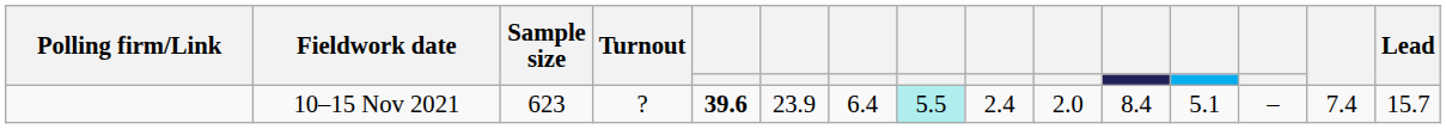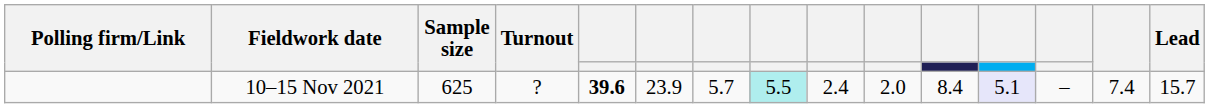 <table class="wikitable sortable mw-datatable" style="text-align:center;font-size:95%;line-height:16px;">
 <tr style="height:42px;">
 <th style="width:145px;" rowspan="2">Polling firm/Link</th>
 <th style="width:145px;" rowspan="2">Fieldwork date</th>
 <th class="unsortable" style="width:50px;" rowspan="2">Sample size</th>
 <th class="unsortable" style="width:45px;" rowspan="2">Turnout</th>
 <th class="sortable" style="width:35px;"></th>
 <th class="sortable" style="width:35px;"></th>
 <th class="sortable" style="width:35px;"></th>
 <th class="sortable" style="width:35px;"></th>
 <th class="sortable" style="width:35px;"></th>
 <th class="sortable" style="width:35px;"></th>
 <th class="sortable" style="width:35px;"></th>
 <th class="sortable" style="width:35px;"></th>
 <th class="sortable" style="width:35px;"></th>
 <th class="unsortable" style="width:35px;" rowspan="2"></th>
 <th class="unsortable" style="width:30px;" rowspan="2">Lead</th>
 </tr>
 <tr>
 <th class="sortable" style="background:"></th>
 <th class="sortable" style="background:"></th>
 <th class="sortable" style="background:"></th>
 <th class="sortable" style="background:"></th>
 <th class="sortable" style="background:"></th>
 <th class="sortable" style="background:"></th>
 <th class="sortable" style="background:#202056;"></th>
 <th class="sortable" style="background:#00ADEF;"></th>
 <th class="sortable" style="background:"></th>
 </tr>
 <tr>
 <td></td>
 <td>10–15 Nov 2021</td>
-<td>623</td>
+<td>625</td>
 <td>?</td>
 <td><strong>39.6</strong></td>
 <td>23.9</td>
-<td>6.4</td>
+<td>5.7</td>
 <td style="background: paleturquoise;">5.5</td>
 <td>2.4</td>
 <td>2.0</td>
 <td>8.4</td>
-<td>5.1</td>
+<td style="background: lavender;">5.1</td>
 <td>–</td>
 <td>7.4</td>
 <td style="background:">15.7</td>
 </tr>
 </table>
